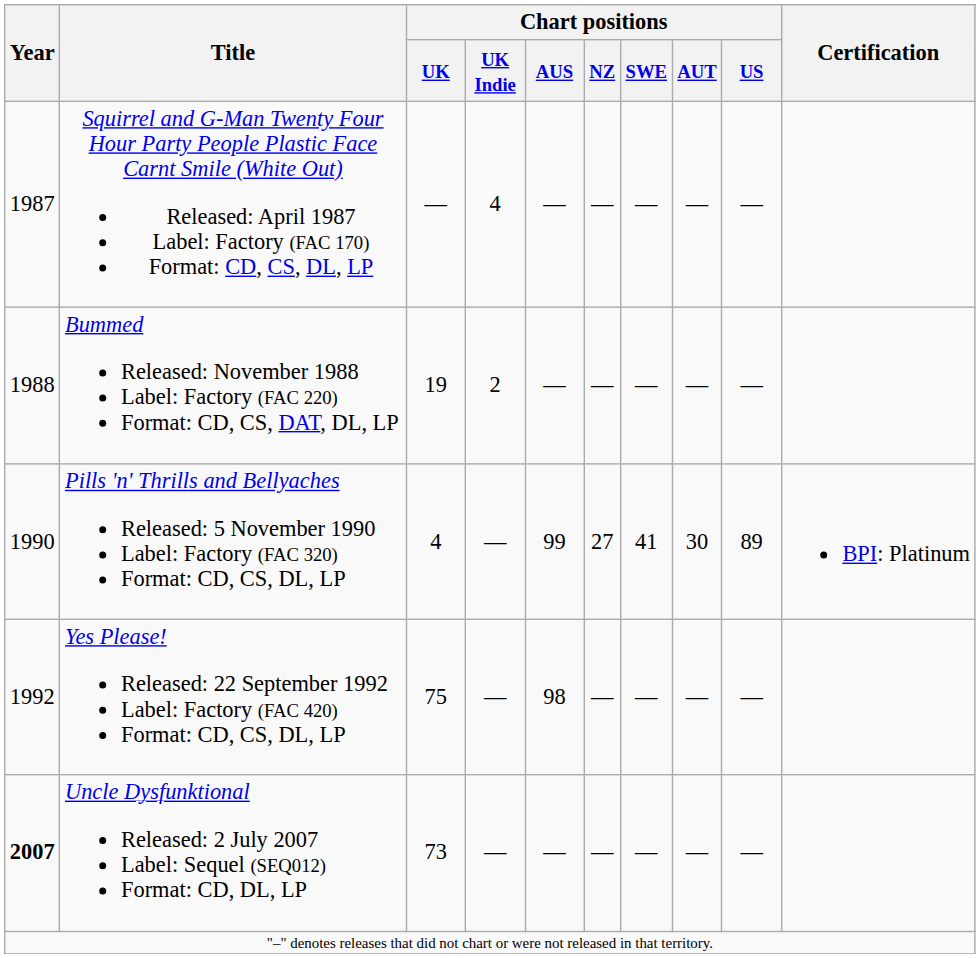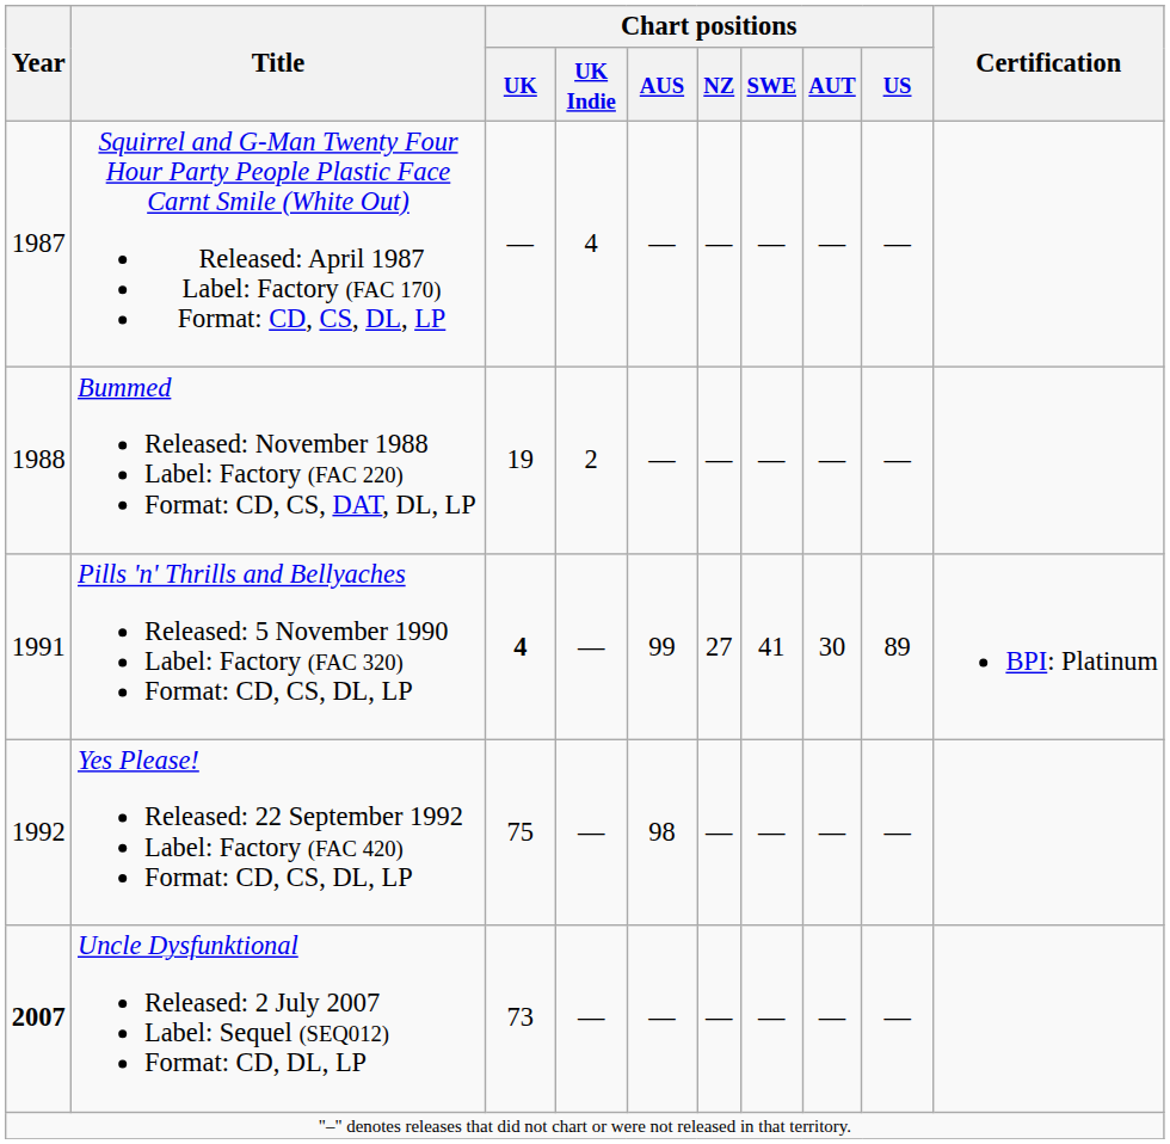 <table class="wikitable" style=text-align:center;>
 <tr>
 <th rowspan="2">Year</th>
 <th scope="col" rowspan="2" style="width:15em;">Title</th>
 <th colspan="7">Chart positions</th>
 <th rowspan="2">Certification</th>
 </tr>
 <tr>
 <th width="35"><small><a href='#'>UK</a></small> <br></th>
 <th width="35"><small><a href='#'>UK Indie</a></small> <br></th>
 <th width="35"><small><a href='#'>AUS</a></small><br></th>
 <th><a href='#'><small>NZ</small></a></th>
 <th><a href='#'><small>SWE</small></a></th>
 <th><a href='#'><small>AUT</small></a></th>
 <th width="35"><small><a href='#'>US</a></small></th>
 </tr>
 <tr>
 <td>1987</td>
 <td><em><a href='#'>Squirrel and G-Man Twenty Four Hour Party People Plastic Face Carnt Smile (White Out)</a></em><br><ul><li>Released: April 1987</li><li>Label: Factory <small>(FAC 170)</small></li><li>Format: <a href='#'>CD</a>, <a href='#'>CS</a>, <a href='#'>DL</a>, <a href='#'>LP</a></li></ul></td>
 <td>—</td>
 <td>4</td>
 <td>—</td>
 <td>—</td>
 <td>—</td>
 <td>—</td>
 <td>—</td>
 <td></td>
 </tr>
 <tr>
 <td>1988</td>
 <td align="left"><em><a href='#'>Bummed</a></em><br><ul><li>Released: November 1988</li><li>Label: Factory <small>(FAC 220)</small></li><li>Format: CD, CS, <a href='#'>DAT</a>, DL, LP</li></ul></td>
 <td>19</td>
 <td>2</td>
 <td>—</td>
 <td>—</td>
 <td>—</td>
 <td>—</td>
 <td>—</td>
 <td></td>
 </tr>
 <tr>
-<td>1990</td>
+<td>1991</td>
 <td align="left"><em><a href='#'>Pills 'n' Thrills and Bellyaches</a></em><br><ul><li>Released: 5 November 1990</li><li>Label: Factory <small>(FAC 320)</small></li><li>Format: CD, CS, DL, LP</li></ul></td>
-<td>4</td>
+<td><strong>4</strong></td>
 <td>—</td>
 <td>99</td>
 <td>27</td>
 <td>41</td>
 <td>30</td>
 <td>89</td>
 <td><br><ul><li><a href='#'>BPI</a>: Platinum</li></ul></td>
 </tr>
 <tr>
 <td>1992</td>
 <td align="left"><em><a href='#'>Yes Please!</a></em><br><ul><li>Released: 22 September 1992</li><li>Label: Factory <small>(FAC 420)</small></li><li>Format: CD, CS, DL, LP</li></ul></td>
 <td>75</td>
 <td>—</td>
 <td>98</td>
 <td>—</td>
 <td>—</td>
 <td>—</td>
 <td>—</td>
 <td></td>
 </tr>
 <tr>
 <td><strong>2007</strong></td>
 <td align="left"><em><a href='#'>Uncle Dysfunktional</a></em><br><ul><li>Released: 2 July 2007</li><li>Label: Sequel <small>(SEQ012)</small></li><li>Format: CD, DL, LP</li></ul></td>
 <td>73</td>
 <td>—</td>
 <td>—</td>
 <td>—</td>
 <td>—</td>
 <td>—</td>
 <td>—</td>
 <td></td>
 </tr>
 <tr>
 <td colspan="10" style="font-size: 8pt">"–" denotes releases that did not chart or were not released in that territory.</td>
 </tr>
 </table>
